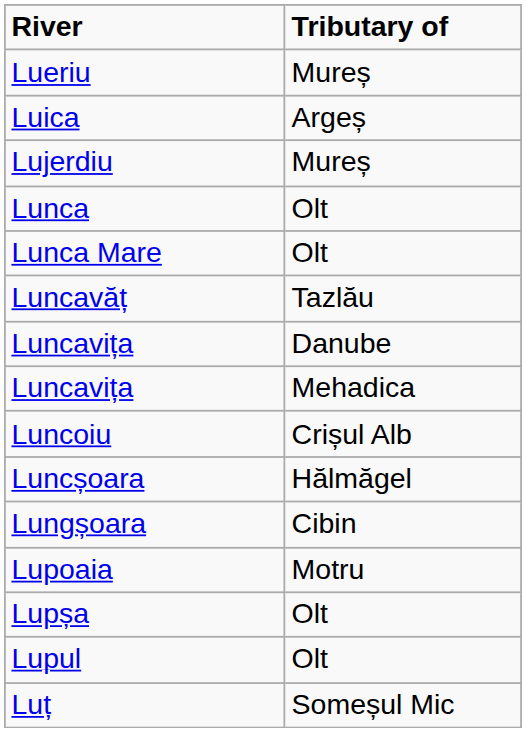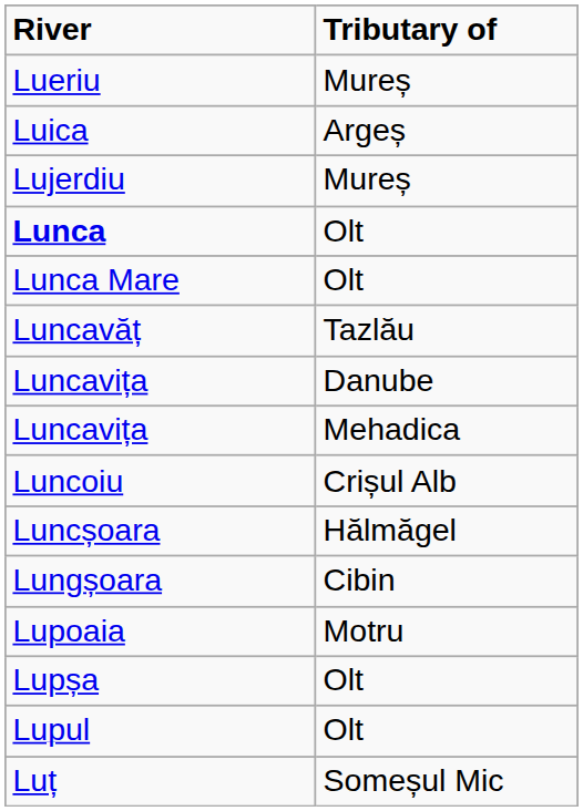 <table class="wikitable">
 <tr>
 <td width="150pt"><strong>River</strong></td>
 <td width="125pt"><strong>Tributary of</strong></td>
 </tr>
 <tr>
 <td><a href='#'>Lueriu</a></td>
 <td>Mureș</td>
 </tr>
 <tr>
 <td><a href='#'>Luica</a></td>
 <td>Argeș</td>
 </tr>
 <tr>
 <td><a href='#'>Lujerdiu</a></td>
 <td>Mureș</td>
 </tr>
 <tr>
-<td><a href='#'>Lunca</a></td>
+<td><strong><a href='#'>Lunca</a></strong></td>
 <td>Olt</td>
 </tr>
 <tr>
 <td><a href='#'>Lunca Mare</a></td>
 <td>Olt</td>
 </tr>
 <tr>
 <td><a href='#'>Luncavăț</a></td>
 <td>Tazlău</td>
 </tr>
 <tr>
 <td><a href='#'>Luncavița</a></td>
 <td>Danube</td>
 </tr>
 <tr>
 <td><a href='#'>Luncavița</a></td>
 <td>Mehadica</td>
 </tr>
 <tr>
 <td><a href='#'>Luncoiu</a></td>
 <td>Crișul Alb</td>
 </tr>
 <tr>
 <td><a href='#'>Luncșoara</a></td>
 <td>Hălmăgel</td>
 </tr>
 <tr>
 <td><a href='#'>Lungșoara</a></td>
 <td>Cibin</td>
 </tr>
 <tr>
 <td><a href='#'>Lupoaia</a></td>
 <td>Motru</td>
 </tr>
 <tr>
 <td><a href='#'>Lupșa</a></td>
 <td>Olt</td>
 </tr>
 <tr>
 <td><a href='#'>Lupul</a></td>
 <td>Olt</td>
 </tr>
 <tr>
 <td><a href='#'>Luț</a></td>
 <td>Someșul Mic</td>
 </tr>
 </table>
